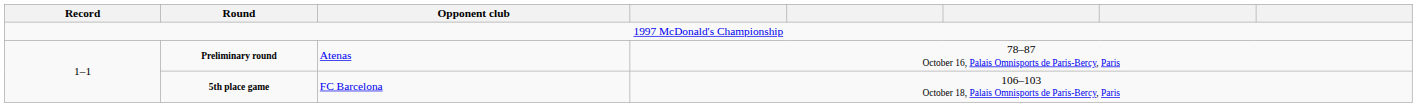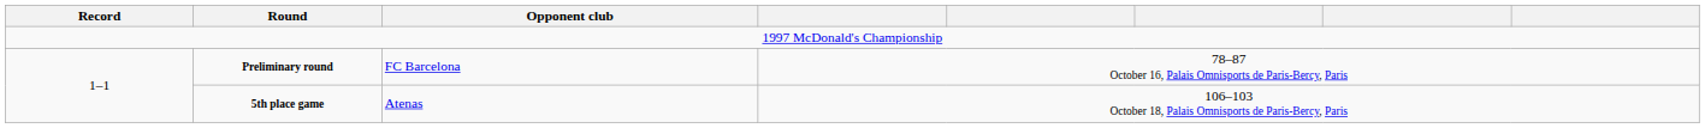 <table class="wikitable" width=100% style="text-align: center;">
 <tr>
 <th width=10%>Record</th>
 <th width=10%>Round</th>
 <th width=20%>Opponent club</th>
 <th width=10%></th>
 <th width=10%></th>
 <th width=10%></th>
 <th width=10%></th>
 <th width=10%></th>
 </tr>
 <tr>
 <td colspan=8><a href='#'>1997 McDonald's Championship</a></td>
 </tr>
 <tr>
 <td rowspan=2>1–1</td>
 <td><small><strong>Preliminary round</strong></small></td>
-<td align=left> <a href='#'>Atenas</a></td>
+<td align=left> <a href='#'>FC Barcelona</a></td>
 <td colspan=5 style="text-align:center;">78–87<br><small>October 16, <a href='#'>Palais Omnisports de Paris-Bercy</a>, <a href='#'>Paris</a></small></td>
 </tr>
 <tr>
 <td><small><strong>5th place game</strong></small></td>
-<td align=left> <a href='#'>FC Barcelona</a></td>
+<td align=left> <a href='#'>Atenas</a></td>
 <td colspan=5 style="text-align:center;">106–103<br><small>October 18, <a href='#'>Palais Omnisports de Paris-Bercy</a>, <a href='#'>Paris</a></small></td>
 </tr>
 </table>
